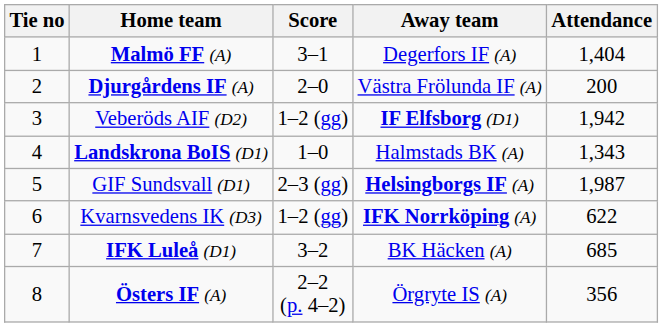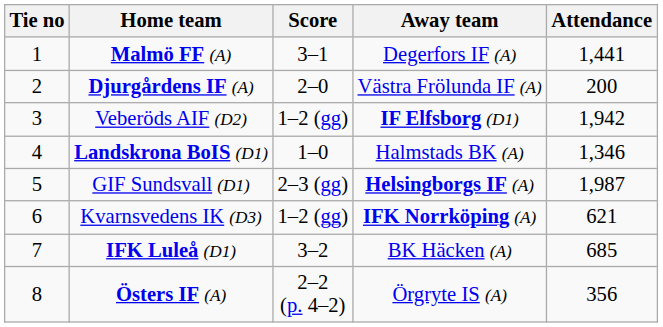 <table class="wikitable" style="text-align:center">
 <tr>
 <th style= style="width:40px;">Tie no</th>
 <th style= style="width:150px;">Home team</th>
 <th style= style="width:60px;">Score</th>
 <th style= style="width:150px;">Away team</th>
 <th style= style="width:30px;">Attendance</th>
 </tr>
 <tr>
 <td>1</td>
 <td><strong><a href='#'>Malmö FF</a></strong> <em><small>(A)</small></em></td>
 <td>3–1</td>
 <td><a href='#'>Degerfors IF</a> <em><small>(A)</small></em></td>
-<td>1,404</td>
+<td>1,441</td>
 </tr>
 <tr>
 <td>2</td>
 <td><strong><a href='#'>Djurgårdens IF</a></strong> <em><small>(A)</small></em></td>
 <td>2–0</td>
 <td><a href='#'>Västra Frölunda IF</a> <em><small>(A)</small></em></td>
 <td>200</td>
 </tr>
 <tr>
 <td>3</td>
 <td><a href='#'>Veberöds AIF</a> <em><small>(D2)</small></em></td>
 <td>1–2 (<a href='#'>gg</a>)</td>
 <td><strong><a href='#'>IF Elfsborg</a></strong> <em><small>(D1)</small></em></td>
 <td>1,942</td>
 </tr>
 <tr>
 <td>4</td>
 <td><strong><a href='#'>Landskrona BoIS</a></strong> <em><small>(D1)</small></em></td>
 <td>1–0</td>
 <td><a href='#'>Halmstads BK</a> <em><small>(A)</small></em></td>
-<td>1,343</td>
+<td>1,346</td>
 </tr>
 <tr>
 <td>5</td>
 <td><a href='#'>GIF Sundsvall</a> <em><small>(D1)</small></em></td>
 <td>2–3 (<a href='#'>gg</a>)</td>
 <td><strong><a href='#'>Helsingborgs IF</a></strong> <em><small>(A)</small></em></td>
 <td>1,987</td>
 </tr>
 <tr>
 <td>6</td>
 <td><a href='#'>Kvarnsvedens IK</a> <em><small>(D3)</small></em></td>
 <td>1–2 (<a href='#'>gg</a>)</td>
 <td><strong><a href='#'>IFK Norrköping</a></strong> <em><small>(A)</small></em></td>
-<td>622</td>
+<td>621</td>
 </tr>
 <tr>
 <td>7</td>
 <td><strong><a href='#'>IFK Luleå</a></strong> <em><small>(D1)</small></em></td>
 <td>3–2</td>
 <td><a href='#'>BK Häcken</a> <em><small>(A)</small></em></td>
 <td>685</td>
 </tr>
 <tr>
 <td>8</td>
 <td><strong><a href='#'>Östers IF</a></strong> <em><small>(A)</small></em></td>
 <td>2–2<br>(<a href='#'>p.</a> 4–2)</td>
 <td><a href='#'>Örgryte IS</a> <em><small>(A)</small></em></td>
 <td>356</td>
 </tr>
 </table>
